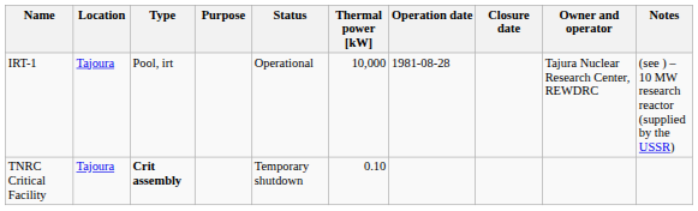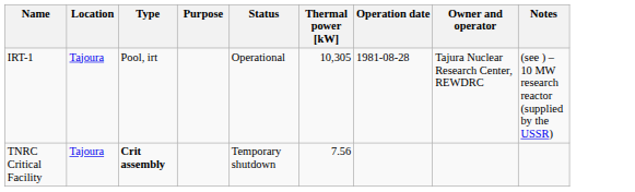 <table class="wikitable" >
 <tr valign="top">
 <th width="80">Name</th>
 <th width="65">Location</th>
 <th width="76">Type</th>
 <th width="65">Purpose</th>
 <th width="91">Status</th>
 <th width="70“">Thermal power [kW]</th>
 <th width=„67“>Operation date</th>
-<th width="78“">Closure date</th>
 <th width="113“">Owner and operator</th>
 <th width="65">Notes</th>
 </tr>
 <tr valign="top">
 <td>IRT-1</td>
 <td><a href='#'>Tajoura</a></td>
 <td>Pool, irt</td>
 <td></td>
 <td>Operational</td>
-<td align="right">10,000</td>
+<td align="right">10,305</td>
 <td>1981-08-28</td>
-<td></td>
 <td>Tajura Nuclear Research Center, REWDRC</td>
 <td>(see ) – 10 MW research reactor (supplied by the <a href='#'>USSR</a>)</td>
 </tr>
 <tr valign="top">
 <td>TNRC Critical Facility</td>
 <td><a href='#'>Tajoura</a></td>
 <td><strong>Crit assembly</strong></td>
 <td></td>
 <td>Temporary shutdown</td>
-<td align="right">0.10</td>
+<td align="right">7.56</td>
 <td> </td>
-<td></td>
 <td></td>
 <td></td>
 </tr>
 </table>
